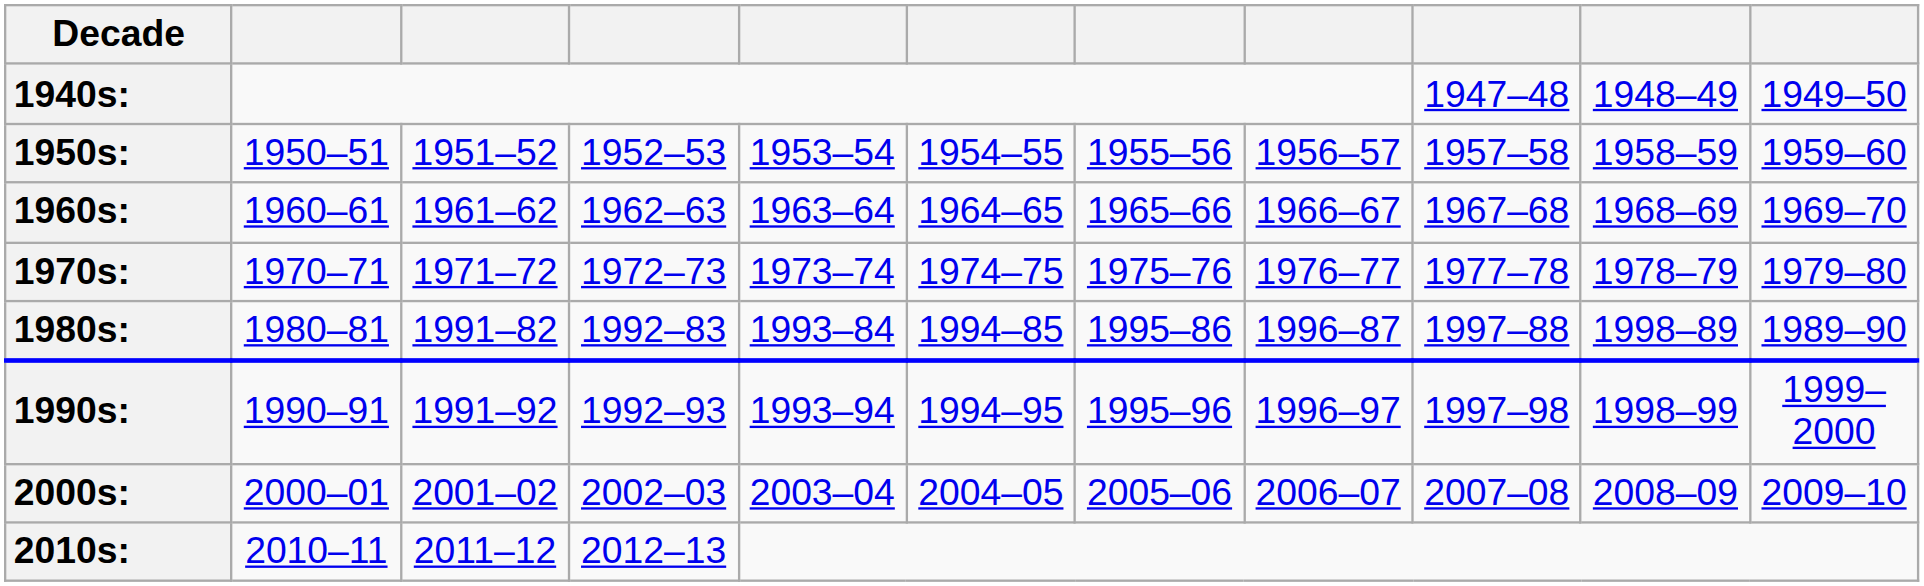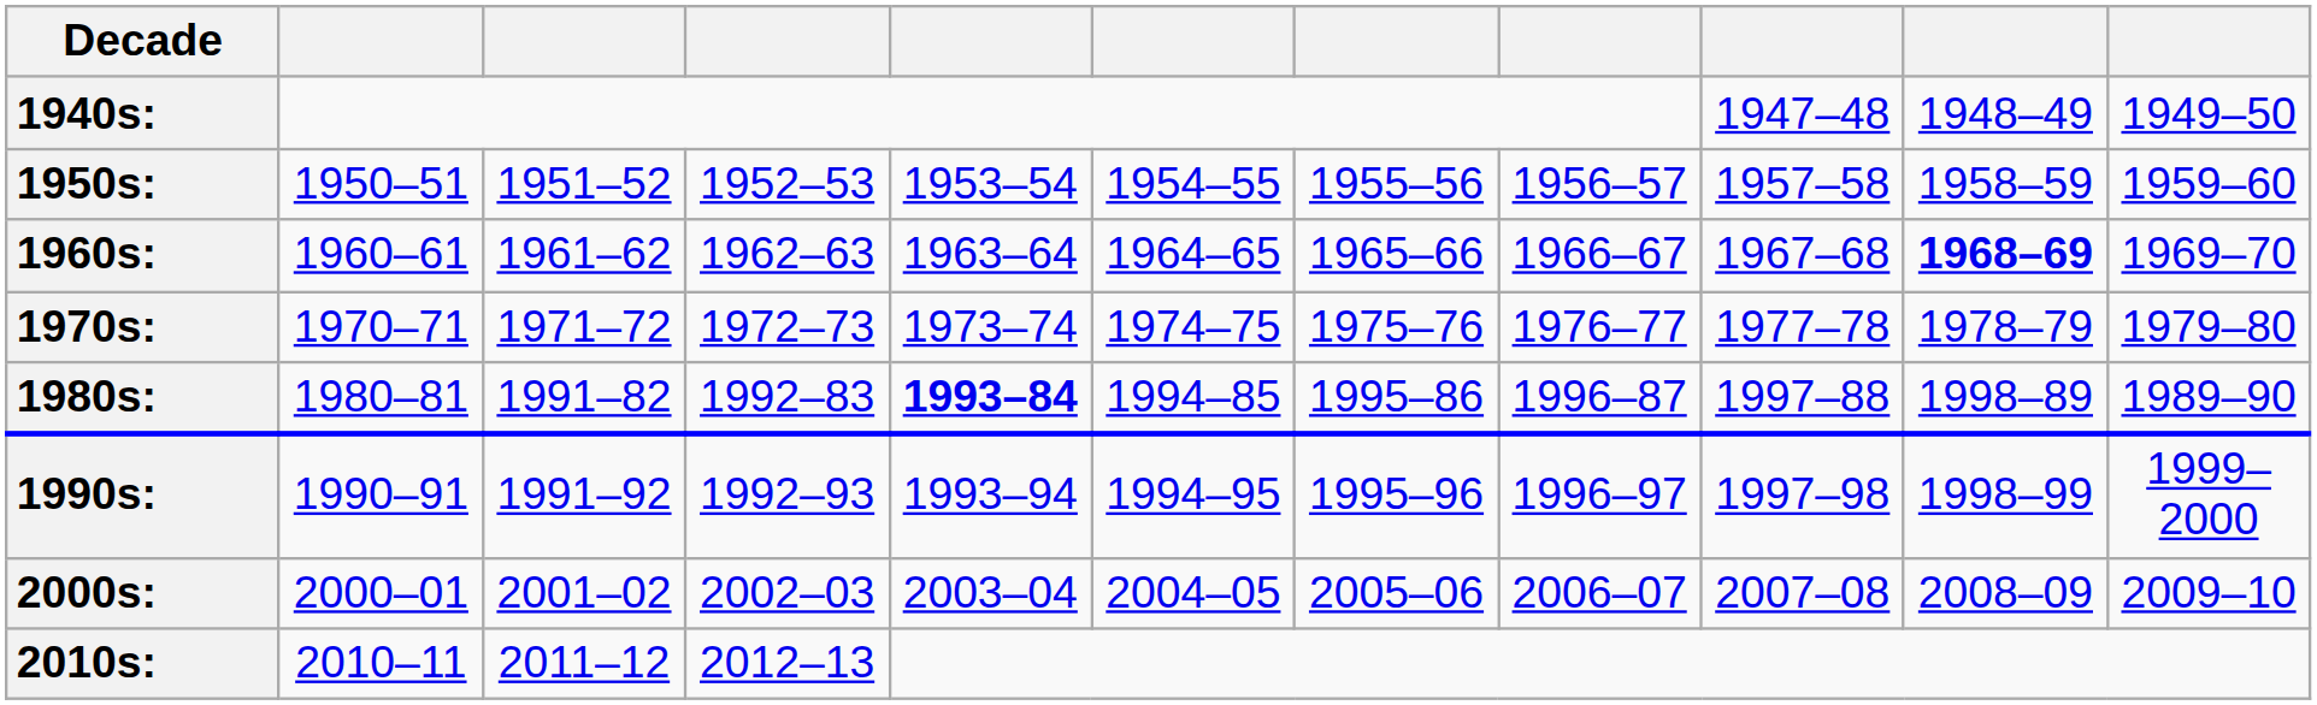 <table class="wikitable" style="text-align: center;">
 <tr>
 <th style="width: 90px;">Decade</th>
 <th style="width: 65px;"></th>
 <th style="width: 65px;"></th>
 <th style="width: 65px;"></th>
 <th style="width: 65px;"></th>
 <th style="width: 65px;"></th>
 <th style="width: 65px;"></th>
 <th style="width: 65px;"></th>
 <th style="width: 65px;"></th>
 <th style="width: 65px;"></th>
 <th style="width: 65px;"></th>
 </tr>
 <tr>
 <th style="text-align: left;"><strong>1940s:</strong></th>
 <td colspan=7></td>
 <td><a href='#'>1947–48</a></td>
 <td><a href='#'>1948–49</a></td>
 <td><a href='#'>1949–50</a></td>
 </tr>
 <tr>
 <th style="text-align: left;"><strong>1950s:</strong></th>
 <td><a href='#'>1950–51</a></td>
 <td><a href='#'>1951–52</a></td>
 <td><a href='#'>1952–53</a></td>
 <td><a href='#'>1953–54</a></td>
 <td><a href='#'>1954–55</a></td>
 <td><a href='#'>1955–56</a></td>
 <td><a href='#'>1956–57</a></td>
 <td><a href='#'>1957–58</a></td>
 <td><a href='#'>1958–59</a></td>
 <td><a href='#'>1959–60</a></td>
 </tr>
 <tr>
 <th style="text-align: left;"><strong>1960s:</strong></th>
 <td><a href='#'>1960–61</a></td>
 <td><a href='#'>1961–62</a></td>
 <td><a href='#'>1962–63</a></td>
 <td><a href='#'>1963–64</a></td>
 <td><a href='#'>1964–65</a></td>
 <td><a href='#'>1965–66</a></td>
 <td><a href='#'>1966–67</a></td>
 <td><a href='#'>1967–68</a></td>
-<td><a href='#'>1968–69</a></td>
+<td><strong><a href='#'>1968–69</a></strong></td>
 <td><a href='#'>1969–70</a></td>
 </tr>
 <tr>
 <th style="text-align: left;"><strong>1970s:</strong></th>
 <td><a href='#'>1970–71</a></td>
 <td><a href='#'>1971–72</a></td>
 <td><a href='#'>1972–73</a></td>
 <td><a href='#'>1973–74</a></td>
 <td><a href='#'>1974–75</a></td>
 <td><a href='#'>1975–76</a></td>
 <td><a href='#'>1976–77</a></td>
 <td><a href='#'>1977–78</a></td>
 <td><a href='#'>1978–79</a></td>
 <td><a href='#'>1979–80</a></td>
 </tr>
 <tr style="border-bottom:2px solid blue;">
 <th style="text-align: left;"><strong>1980s:</strong></th>
 <td><a href='#'>1980–81</a></td>
 <td><a href='#'>1991–82</a></td>
 <td><a href='#'>1992–83</a></td>
-<td><a href='#'>1993–84</a></td>
+<td><strong><a href='#'>1993–84</a></strong></td>
 <td><a href='#'>1994–85</a></td>
 <td><a href='#'>1995–86</a></td>
 <td><a href='#'>1996–87</a></td>
 <td><a href='#'>1997–88</a></td>
 <td><a href='#'>1998–89</a></td>
 <td><a href='#'>1989–90</a></td>
 </tr>
 <tr>
 <th style="text-align: left;"><strong>1990s:</strong></th>
 <td><a href='#'>1990–91</a></td>
 <td><a href='#'>1991–92</a></td>
 <td><a href='#'>1992–93</a></td>
 <td><a href='#'>1993–94</a></td>
 <td><a href='#'>1994–95</a></td>
 <td><a href='#'>1995–96</a></td>
 <td><a href='#'>1996–97</a></td>
 <td><a href='#'>1997–98</a></td>
 <td><a href='#'>1998–99</a></td>
 <td><a href='#'>1999–2000</a></td>
 </tr>
 <tr>
 <th style="text-align: left;"><strong>2000s:</strong></th>
 <td><a href='#'>2000–01</a></td>
 <td><a href='#'>2001–02</a></td>
 <td><a href='#'>2002–03</a></td>
 <td><a href='#'>2003–04</a></td>
 <td><a href='#'>2004–05</a></td>
 <td><a href='#'>2005–06</a></td>
 <td><a href='#'>2006–07</a></td>
 <td><a href='#'>2007–08</a></td>
 <td><a href='#'>2008–09</a></td>
 <td><a href='#'>2009–10</a></td>
 </tr>
 <tr>
 <th style="text-align: left;"><strong>2010s:</strong></th>
 <td><a href='#'>2010–11</a></td>
 <td><a href='#'>2011–12</a></td>
 <td><a href='#'>2012–13</a></td>
 <td colspan=7></td>
 </tr>
 </table>
